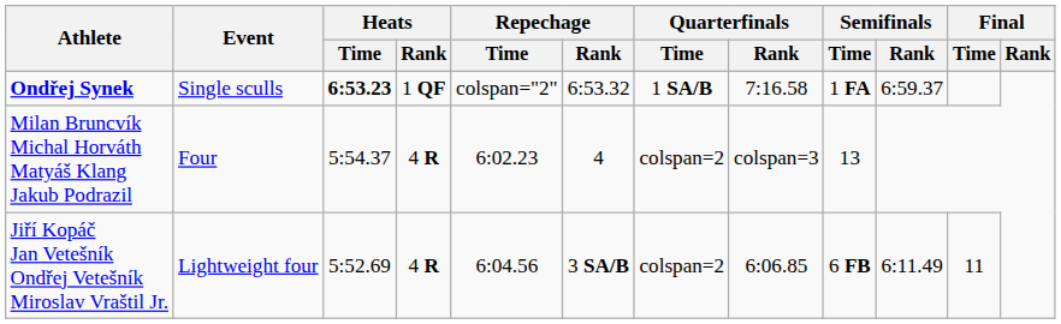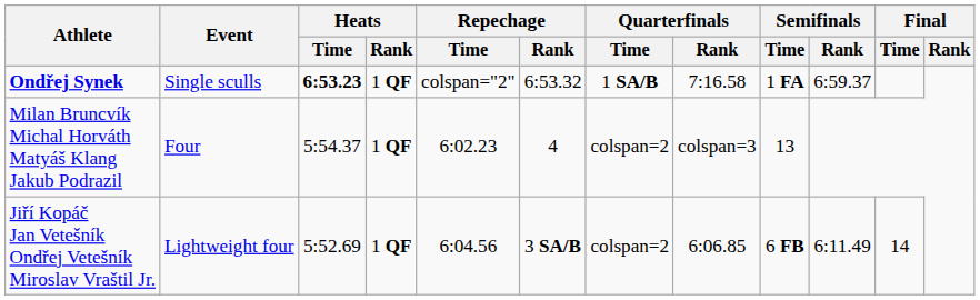 <table class="wikitable" style="font-size:90%">
 <tr>
 <th rowspan="2">Athlete</th>
 <th rowspan="2">Event</th>
 <th colspan="2">Heats</th>
 <th colspan="2">Repechage</th>
 <th colspan=2>Quarterfinals</th>
 <th colspan="2">Semifinals</th>
 <th colspan="2">Final</th>
 </tr>
 <tr style="font-size:95%">
 <th>Time</th>
 <th>Rank</th>
 <th>Time</th>
 <th>Rank</th>
 <th>Time</th>
 <th>Rank</th>
 <th>Time</th>
 <th>Rank</th>
 <th>Time</th>
 <th>Rank</th>
 </tr>
 <tr align=center>
 <td align=left><strong><a href='#'>Ondřej Synek</a></strong></td>
 <td align=left><a href='#'>Single sculls</a></td>
 <td><strong>6:53.23</strong></td>
 <td>1 <strong>QF</strong></td>
 <td>colspan="2" </td>
 <td>6:53.32</td>
 <td>1 <strong>SA/B</strong></td>
 <td>7:16.58</td>
 <td>1 <strong>FA</strong></td>
 <td>6:59.37</td>
 <td></td>
 </tr>
 <tr align=center>
 <td align=left><a href='#'>Milan Bruncvík</a><br><a href='#'>Michal Horváth</a><br><a href='#'>Matyáš Klang</a><br><a href='#'>Jakub Podrazil</a></td>
 <td align=left><a href='#'>Four</a></td>
 <td>5:54.37</td>
-<td>4 <strong>R</strong></td>
+<td>1 <strong>QF</strong></td>
 <td>6:02.23</td>
 <td>4</td>
 <td>colspan=2 </td>
 <td>colspan=3 </td>
 <td>13</td>
 </tr>
 <tr align=center>
 <td align=left><a href='#'>Jiří Kopáč</a><br><a href='#'>Jan Vetešník</a><br><a href='#'>Ondřej Vetešník</a><br><a href='#'>Miroslav Vraštil Jr.</a></td>
 <td align=left><a href='#'>Lightweight four</a></td>
 <td>5:52.69</td>
-<td>4 <strong>R</strong></td>
+<td>1 <strong>QF</strong></td>
 <td>6:04.56</td>
 <td>3 <strong>SA/B</strong></td>
 <td>colspan=2 </td>
 <td>6:06.85</td>
 <td>6 <strong>FB</strong></td>
 <td>6:11.49</td>
-<td>11</td>
+<td>14</td>
 </tr>
 </table>
